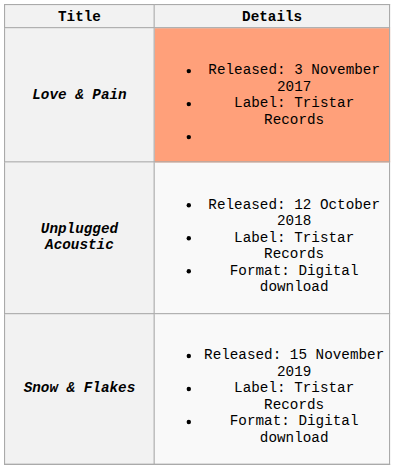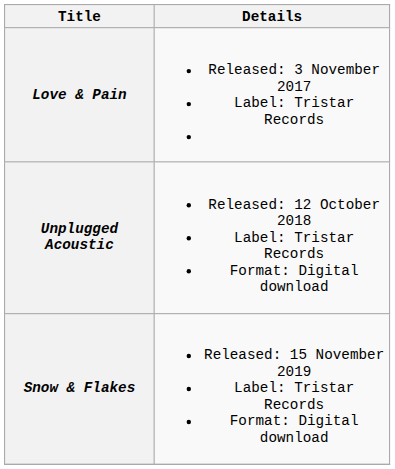 <table class="wikitable plainrowheaders" style="text-align:center;" border="1">
 <tr>
 <th scope="col" style="width:10em;">Title</th>
 <th scope="col" style="width:16em;">Details</th>
 </tr>
 <tr>
 <th scope="row"><em>Love & Pain</em></th>
-<td style="background: lightsalmon;"><br><ul><li>Released: 3 November 2017</li><li>Label: Tristar Records</li><li></li></ul></td>
+<td><br><ul><li>Released: 3 November 2017</li><li>Label: Tristar Records</li><li></li></ul></td>
 </tr>
 <tr>
 <th scope="row"><em>Unplugged Acoustic</em></th>
 <td><br><ul><li>Released: 12 October 2018</li><li>Label: Tristar Records</li><li>Format: Digital download</li></ul></td>
 </tr>
 <tr>
 <th scope="row"><em>Snow & Flakes</em></th>
 <td><br><ul><li>Released: 15 November 2019</li><li>Label: Tristar Records</li><li>Format: Digital download</li></ul></td>
 </tr>
 <tr>
 </tr>
 </table>
